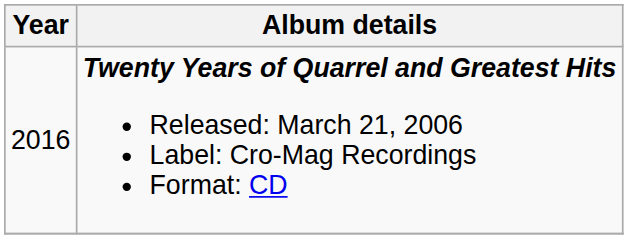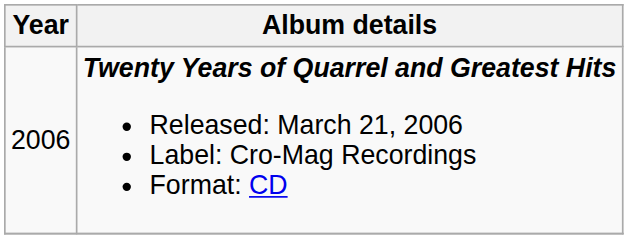 <table class ="wikitable">
 <tr>
 <th>Year</th>
 <th>Album details</th>
 </tr>
 <tr>
-<td>2016</td>
+<td>2006</td>
 <td><strong><em>Twenty Years of Quarrel and Greatest Hits</em></strong><br><ul><li>Released: March 21, 2006</li><li>Label: Cro-Mag Recordings</li><li>Format: <a href='#'>CD</a></li></ul></td>
 </tr>
 <tr>
 </tr>
 </table>
